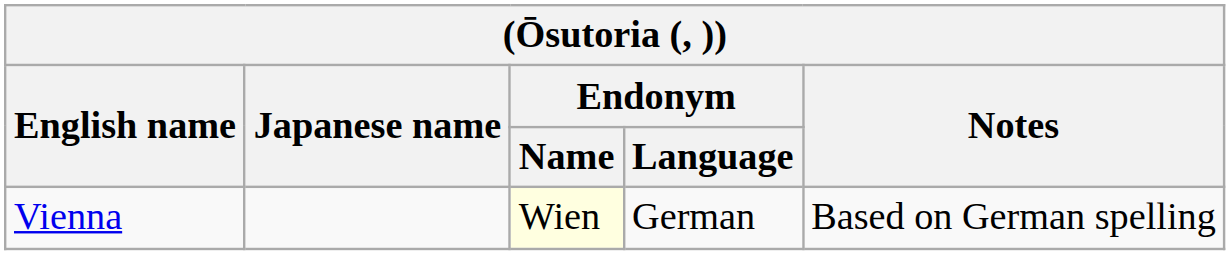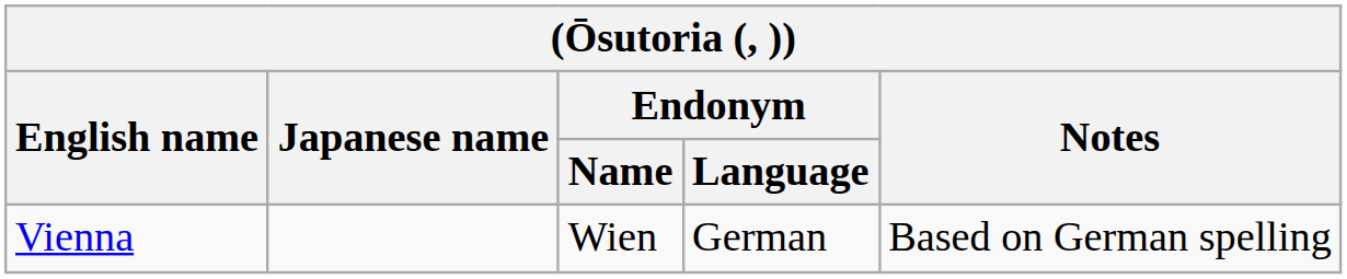 <table class="wikitable sortable">
 <tr>
 <th colspan="5"> (Ōsutoria (, ))</th>
 </tr>
 <tr>
 <th rowspan="2">English name</th>
 <th rowspan="2">Japanese name</th>
 <th colspan="2">Endonym</th>
 <th rowspan="2">Notes</th>
 </tr>
 <tr>
 <th>Name</th>
 <th>Language</th>
 </tr>
 <tr>
 <td><a href='#'>Vienna</a></td>
 <td></td>
-<td style="background: lightyellow;">Wien</td>
+<td>Wien</td>
 <td>German</td>
 <td>Based on German spelling</td>
 </tr>
 </table>
